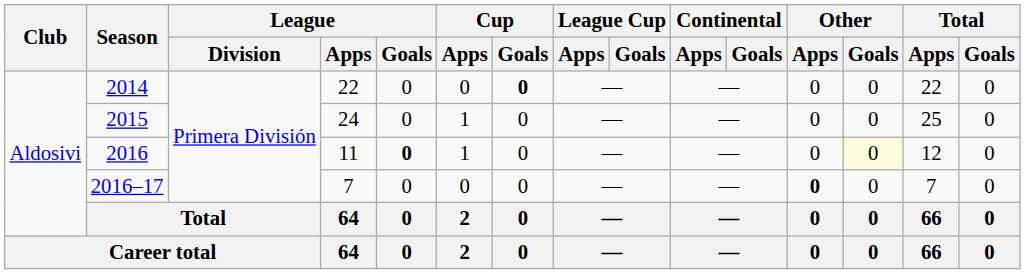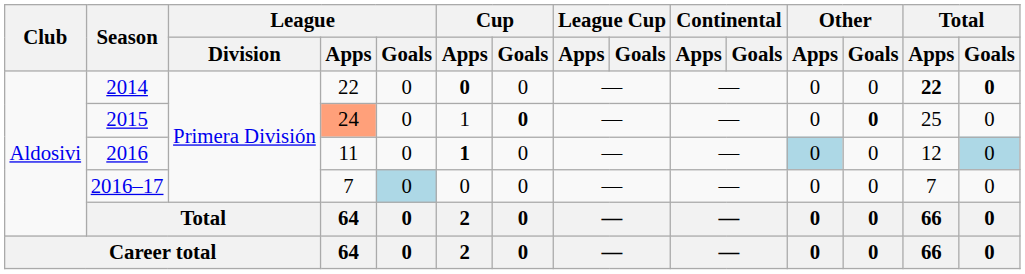 <table class="wikitable" style="text-align:center">
 <tr>
 <th rowspan="2">Club</th>
 <th rowspan="2">Season</th>
 <th colspan="3">League</th>
 <th colspan="2">Cup</th>
 <th colspan="2">League Cup</th>
 <th colspan="2">Continental</th>
 <th colspan="2">Other</th>
 <th colspan="2">Total</th>
 </tr>
 <tr>
 <th>Division</th>
 <th>Apps</th>
 <th>Goals</th>
 <th>Apps</th>
 <th>Goals</th>
 <th>Apps</th>
 <th>Goals</th>
 <th>Apps</th>
 <th>Goals</th>
 <th>Apps</th>
 <th>Goals</th>
 <th>Apps</th>
 <th>Goals</th>
 </tr>
 <tr>
 <td rowspan="5"><a href='#'>Aldosivi</a></td>
 <td><a href='#'>2014</a></td>
 <td rowspan="4"><a href='#'>Primera División</a></td>
 <td>22</td>
 <td>0</td>
-<td>0</td>
 <td><strong>0</strong></td>
-<td colspan="2">—</td>
-<td colspan="2">—</td>
-<td>0</td>
-<td>0</td>
-<td>22</td>
-<td>0</td>
-</tr>
-<tr>
-<td><a href='#'>2015</a></td>
-<td>24</td>
-<td>0</td>
-<td>1</td>
 <td>0</td>
 <td colspan="2">—</td>
 <td colspan="2">—</td>
 <td>0</td>
 <td>0</td>
+<td><strong>22</strong></td>
+<td><strong>0</strong></td>
+</tr>
+<tr>
+<td><a href='#'>2015</a></td>
+<td style="background: lightsalmon;">24</td>
+<td>0</td>
+<td>1</td>
+<td><strong>0</strong></td>
+<td colspan="2">—</td>
+<td colspan="2">—</td>
+<td>0</td>
+<td><strong>0</strong></td>
 <td>25</td>
 <td>0</td>
 </tr>
 <tr>
 <td><a href='#'>2016</a></td>
 <td>11</td>
-<td><strong>0</strong></td>
-<td>1</td>
+<td>0</td>
+<td><strong>1</strong></td>
+<td>0</td>
+<td colspan="2">—</td>
+<td colspan="2">—</td>
+<td style="background: lightblue;">0</td>
+<td>0</td>
+<td>12</td>
+<td style="background: lightblue;">0</td>
+</tr>
+<tr>
+<td><a href='#'>2016–17</a></td>
+<td>7</td>
+<td style="background: lightblue;">0</td>
+<td>0</td>
 <td>0</td>
 <td colspan="2">—</td>
 <td colspan="2">—</td>
 <td>0</td>
-<td style="background: lightyellow;">0</td>
-<td>12</td>
-<td>0</td>
-</tr>
-<tr>
-<td><a href='#'>2016–17</a></td>
-<td>7</td>
-<td>0</td>
-<td>0</td>
-<td>0</td>
-<td colspan="2">—</td>
-<td colspan="2">—</td>
-<td><strong>0</strong></td>
 <td>0</td>
 <td>7</td>
 <td>0</td>
 </tr>
 <tr>
 <th colspan="2">Total</th>
 <th>64</th>
 <th>0</th>
 <th>2</th>
 <th>0</th>
 <th colspan="2">—</th>
 <th colspan="2">—</th>
 <th>0</th>
 <th>0</th>
 <th>66</th>
 <th>0</th>
 </tr>
 <tr>
 <th colspan="3">Career total</th>
 <th>64</th>
 <th>0</th>
 <th>2</th>
 <th>0</th>
 <th colspan="2">—</th>
 <th colspan="2">—</th>
 <th>0</th>
 <th>0</th>
 <th>66</th>
 <th>0</th>
 </tr>
 </table>
